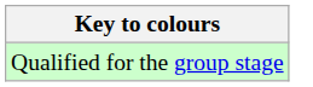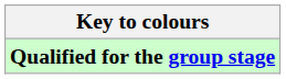 <table class="wikitable">
 <tr>
 <th>Key to colours</th>
 </tr>
 <tr style="background:#cfc;">
-<td>Qualified for the <a href='#'>group stage</a></td>
+<td><strong>Qualified for the <a href='#'>group stage</a></strong></td>
 </tr>
 </table>
